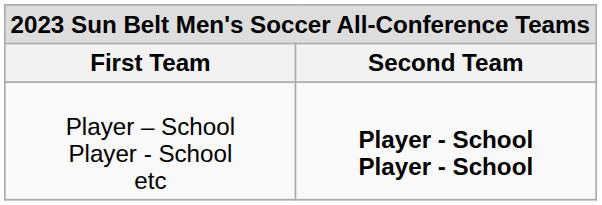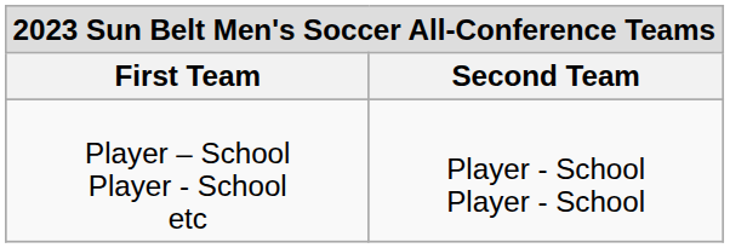 <table class="wikitable" style="white-space:nowrap; font-size:90%;">
 <tr>
 <td colspan="5" style="text-align:center; background:#ddd;"><strong>2023 Sun Belt Men's Soccer All-Conference Teams</strong></td>
 </tr>
 <tr>
 <th>First Team</th>
 <th>Second Team</th>
 </tr>
 <tr>
 <td align="center"><br>Player – School<br> Player - School<br> etc</td>
-<td align="center"><strong><br>Player - School<br> Player - School<br></strong></td>
+<td align="center"><br>Player - School<br> Player - School<br></td>
 </tr>
 </table>
